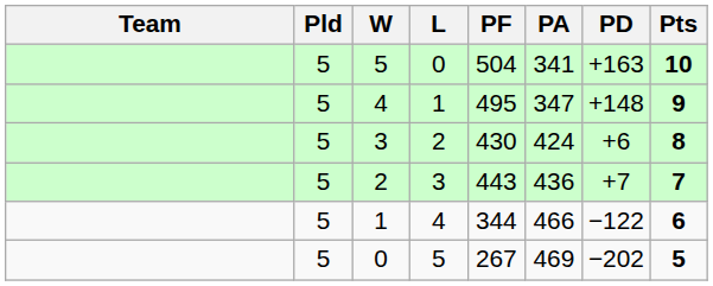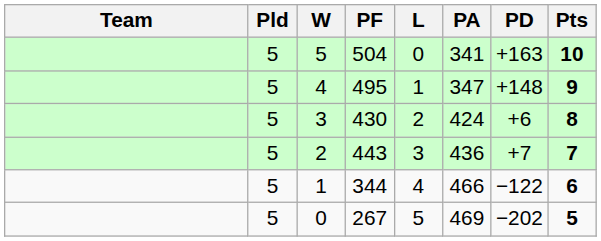 <table class=wikitable style="text-align:center">
 <tr>
 <th width=180>Team</th>
 <th width=30>Pld</th>
 <th width=30>W</th>
+<th width=30>PF</th>
 <th width=30>L</th>
-<th width=30>PF</th>
 <th width=30>PA</th>
 <th width=30>PD</th>
 <th width=30>Pts</th>
 </tr>
 <tr align=center bgcolor="#ccffcc">
 <td align=left></td>
 <td>5</td>
 <td>5</td>
+<td>504</td>
 <td>0</td>
-<td>504</td>
 <td>341</td>
 <td>+163</td>
 <td><strong>10</strong></td>
 </tr>
 <tr bgcolor="ccffcc">
 <td align=left></td>
 <td>5</td>
 <td>4</td>
+<td>495</td>
 <td>1</td>
-<td>495</td>
 <td>347</td>
 <td>+148</td>
 <td><strong>9</strong></td>
 </tr>
 <tr bgcolor="ccffcc">
 <td align=left></td>
 <td>5</td>
 <td>3</td>
+<td>430</td>
 <td>2</td>
-<td>430</td>
 <td>424</td>
 <td>+6</td>
 <td><strong>8</strong></td>
 </tr>
 <tr bgcolor="ccffcc">
 <td align=left></td>
 <td>5</td>
 <td>2</td>
+<td>443</td>
 <td>3</td>
-<td>443</td>
 <td>436</td>
 <td>+7</td>
 <td><strong>7</strong></td>
 </tr>
 <tr>
 <td align=left></td>
 <td>5</td>
 <td>1</td>
+<td>344</td>
 <td>4</td>
-<td>344</td>
 <td>466</td>
 <td>−122</td>
 <td><strong>6</strong></td>
 </tr>
 <tr>
 <td align=left></td>
 <td>5</td>
 <td>0</td>
+<td>267</td>
 <td>5</td>
-<td>267</td>
 <td>469</td>
 <td>−202</td>
 <td><strong>5</strong></td>
 </tr>
 </table>
